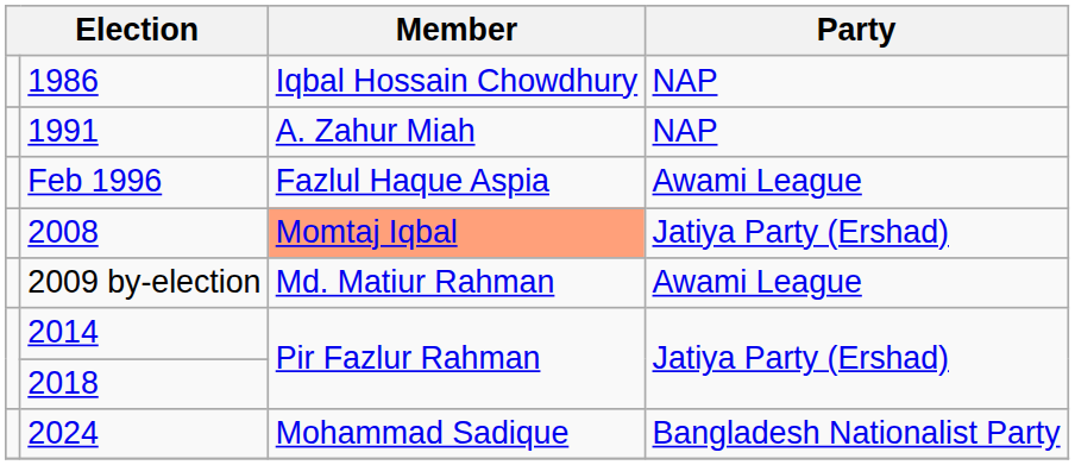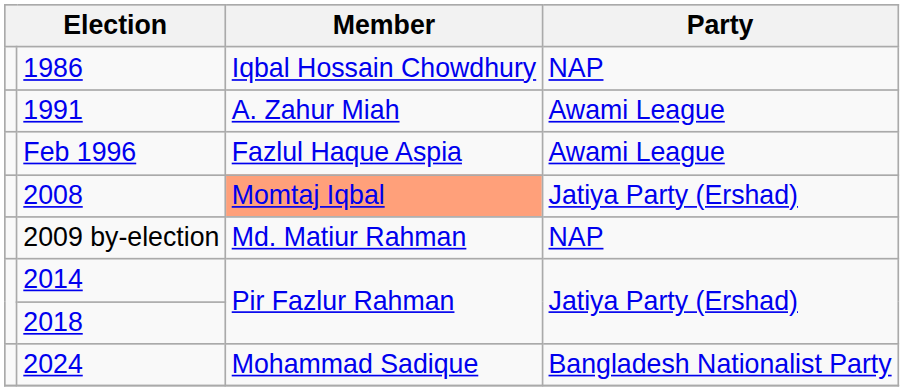 <table class="wikitable">
 <tr>
 <th colspan="2">Election</th>
 <th>Member</th>
 <th>Party</th>
 </tr>
 <tr>
 <td style="background-color:"></td>
 <td><a href='#'>1986</a></td>
 <td><a href='#'>Iqbal Hossain Chowdhury</a></td>
 <td><a href='#'>NAP</a></td>
 </tr>
 <tr>
 <td style="background-color:"></td>
 <td><a href='#'>1991</a></td>
 <td><a href='#'>A. Zahur Miah</a></td>
-<td><a href='#'>NAP</a></td>
+<td><a href='#'>Awami League</a></td>
 </tr>
 <tr>
 <td style="background-color:"></td>
 <td><a href='#'>Feb 1996</a></td>
 <td><a href='#'>Fazlul Haque Aspia</a></td>
 <td><a href='#'>Awami League</a></td>
 </tr>
 <tr>
 <td style="background-color:"></td>
 <td><a href='#'>2008</a></td>
 <td style="background: lightsalmon;"><a href='#'>Momtaj Iqbal</a></td>
 <td><a href='#'>Jatiya Party (Ershad)</a></td>
 </tr>
 <tr>
 <td style="background-color:"></td>
 <td>2009 by-election</td>
 <td><a href='#'>Md. Matiur Rahman</a></td>
-<td><a href='#'>Awami League</a></td>
+<td><a href='#'>NAP</a></td>
 </tr>
 <tr>
 <td rowspan="2" style="background-color:"></td>
 <td><a href='#'>2014</a></td>
 <td rowspan="2"><a href='#'>Pir Fazlur Rahman</a></td>
 <td rowspan="2"><a href='#'>Jatiya Party (Ershad)</a></td>
 </tr>
 <tr>
 <td><a href='#'>2018</a></td>
 </tr>
 <tr>
 <td style="background-color:"></td>
 <td><a href='#'>2024</a></td>
 <td><a href='#'>Mohammad Sadique</a></td>
 <td><a href='#'>Bangladesh Nationalist Party</a></td>
 </tr>
 <tr>
 </tr>
 </table>
